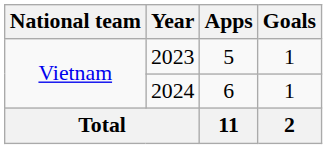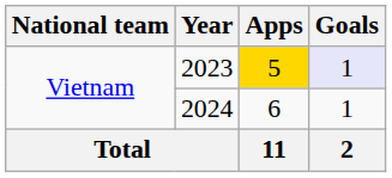 <table class="wikitable" style="text-align: center;">
 <tr>
 <th>National team</th>
 <th>Year</th>
 <th>Apps</th>
 <th>Goals</th>
 </tr>
 <tr>
 <td rowspan=2><a href='#'>Vietnam</a></td>
 <td>2023</td>
-<td>5</td>
-<td>1</td>
+<td style="background: gold;">5</td>
+<td style="background: lavender;">1</td>
 </tr>
 <tr>
 <td>2024</td>
 <td>6</td>
 <td>1</td>
 </tr>
 <tr>
 <th colspan=2>Total</th>
 <th>11</th>
 <th>2</th>
 </tr>
 </table>
